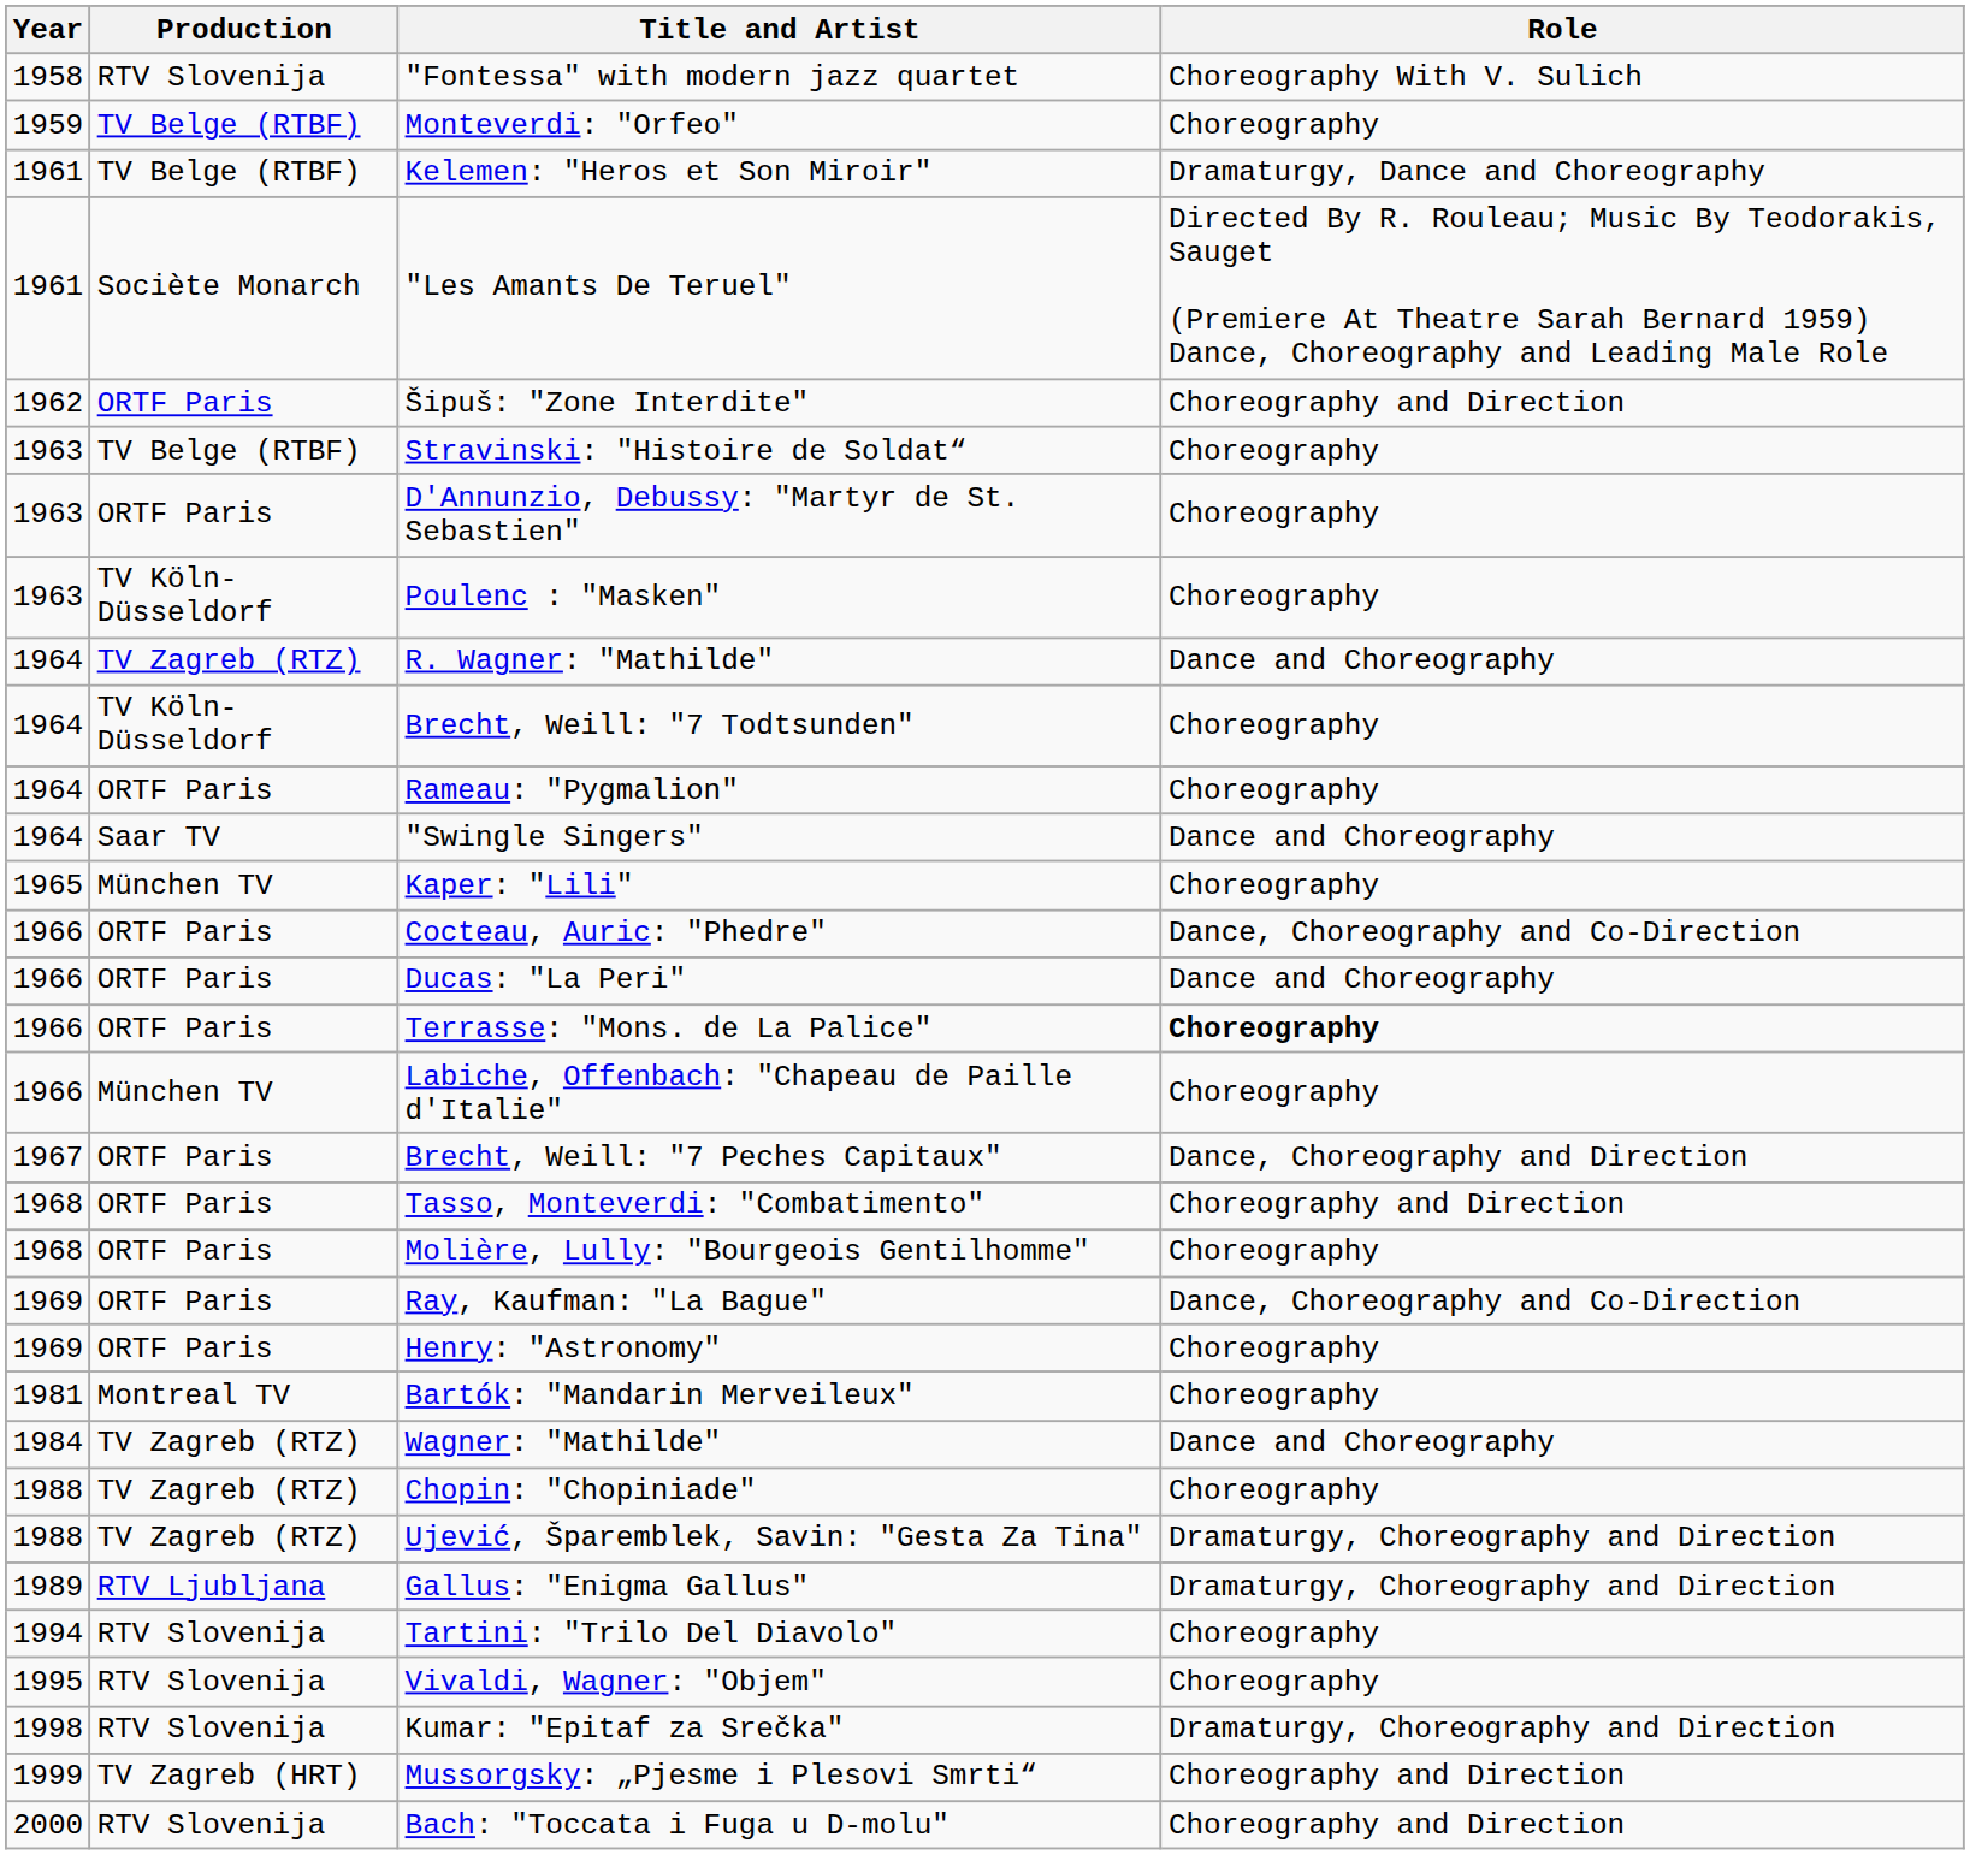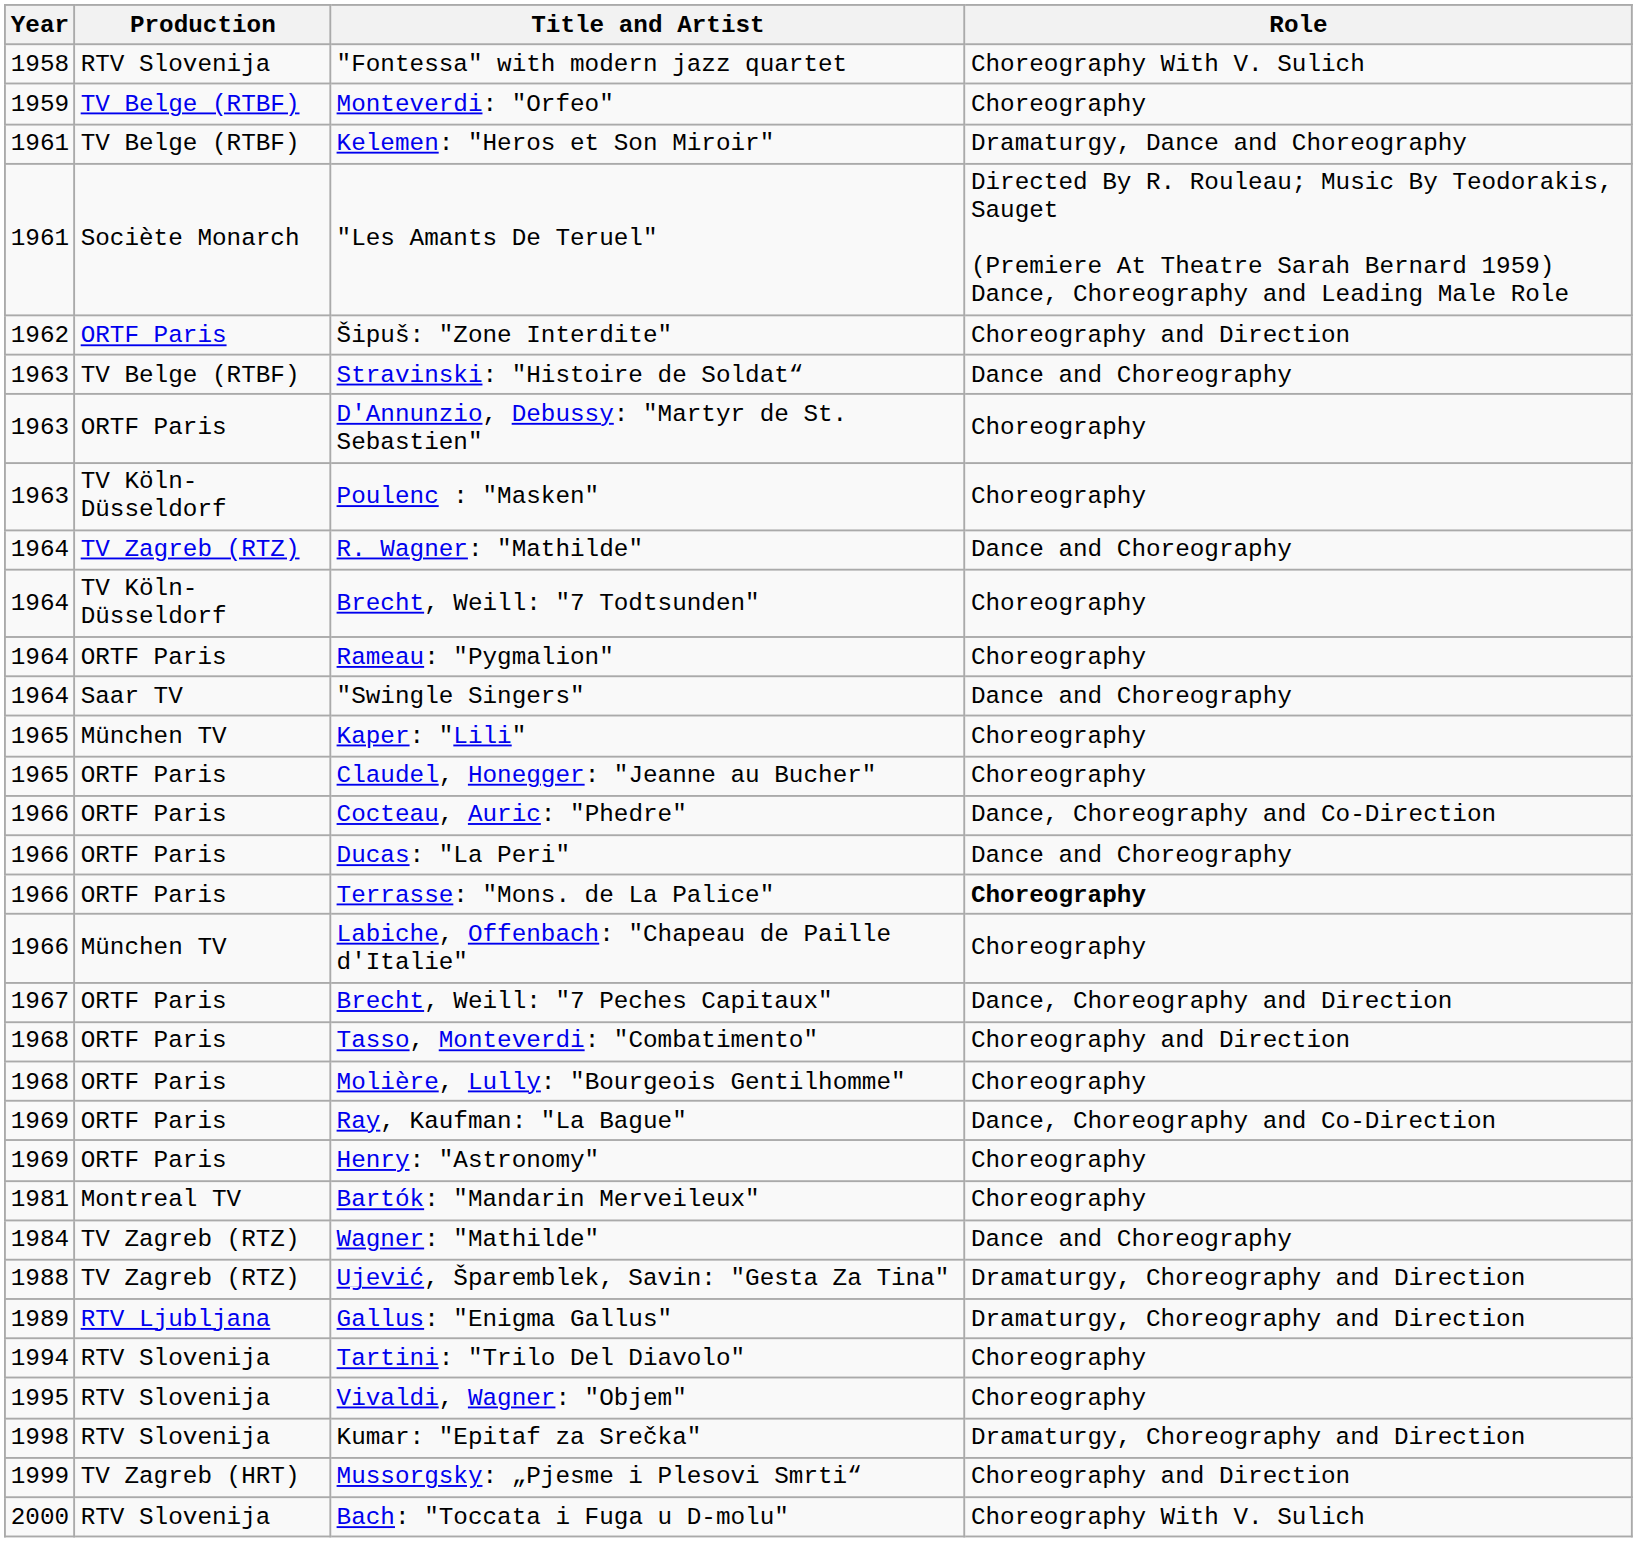 <table class="wikitable">
 <tr>
 <th>Year</th>
 <th>Production</th>
 <th>Title and Artist</th>
 <th>Role</th>
 </tr>
 <tr>
 <td>1958</td>
 <td>RTV Slovenija</td>
 <td>"Fontessa" with modern jazz quartet</td>
 <td>Choreography With V. Sulich</td>
 </tr>
 <tr>
 <td>1959</td>
 <td><a href='#'>TV Belge (RTBF)</a></td>
 <td><a href='#'>Monteverdi</a>: "Orfeo"</td>
 <td>Choreography</td>
 </tr>
 <tr>
 <td>1961</td>
 <td>TV Belge (RTBF)</td>
 <td><a href='#'>Kelemen</a>: "Heros et Son Miroir"</td>
 <td>Dramaturgy, Dance and Choreography</td>
 </tr>
 <tr>
 <td>1961</td>
 <td>Sociète Monarch</td>
 <td>"Les Amants De Teruel"</td>
 <td>Directed By R. Rouleau; Music By Teodorakis, Sauget <br><br>(Premiere At Theatre Sarah Bernard 1959)<br> Dance, Choreography and Leading Male Role</td>
 </tr>
 <tr>
 <td>1962</td>
 <td><a href='#'>ORTF Paris</a></td>
 <td>Šipuš: "Zone Interdite"</td>
 <td>Choreography and Direction</td>
 </tr>
 <tr>
 <td>1963</td>
 <td>TV Belge (RTBF)</td>
 <td><a href='#'>Stravinski</a>: "Histoire de Soldat“</td>
-<td>Choreography</td>
+<td>Dance and Choreography</td>
 </tr>
 <tr>
 <td>1963</td>
 <td>ORTF Paris</td>
 <td><a href='#'>D'Annunzio</a>, <a href='#'>Debussy</a>: "Martyr de St. Sebastien"</td>
 <td>Choreography</td>
 </tr>
 <tr>
 <td>1963</td>
 <td>TV Köln-Düsseldorf</td>
 <td><a href='#'>Poulenc</a> : "Masken"</td>
 <td>Choreography</td>
 </tr>
 <tr>
 <td>1964</td>
 <td><a href='#'>TV Zagreb (RTZ)</a></td>
 <td><a href='#'>R. Wagner</a>: "Mathilde"</td>
 <td>Dance and Choreography</td>
 </tr>
 <tr>
 <td>1964</td>
 <td>TV Köln-Düsseldorf</td>
 <td><a href='#'>Brecht</a>, Weill: "7 Todtsunden"</td>
 <td>Choreography</td>
 </tr>
 <tr>
 <td>1964</td>
 <td>ORTF Paris</td>
 <td><a href='#'>Rameau</a>: "Pygmalion"</td>
 <td>Choreography</td>
 </tr>
 <tr>
 <td>1964</td>
 <td>Saar TV</td>
 <td>"Swingle Singers"</td>
 <td>Dance and Choreography</td>
 </tr>
 <tr>
 <td>1965</td>
 <td>München TV</td>
 <td><a href='#'>Kaper</a>: "<a href='#'>Lili</a>"</td>
+<td>Choreography</td>
+</tr>
+<tr>
+<td>1965</td>
+<td>ORTF Paris</td>
+<td><a href='#'>Claudel</a>, <a href='#'>Honegger</a>: "Jeanne au Bucher"</td>
 <td>Choreography</td>
 </tr>
 <tr>
 <td>1966</td>
 <td>ORTF Paris</td>
 <td><a href='#'>Cocteau</a>, <a href='#'>Auric</a>: "Phedre"</td>
 <td>Dance, Choreography and Co-Direction</td>
 </tr>
 <tr>
 <td>1966</td>
 <td>ORTF Paris</td>
 <td><a href='#'>Ducas</a>: "La Peri"</td>
 <td>Dance and Choreography</td>
 </tr>
 <tr>
 <td>1966</td>
 <td>ORTF Paris</td>
 <td><a href='#'>Terrasse</a>: "Mons. de La Palice"</td>
 <td><strong>Choreography</strong></td>
 </tr>
 <tr>
 <td>1966</td>
 <td>München TV</td>
 <td><a href='#'>Labiche</a>, <a href='#'>Offenbach</a>: "Chapeau de Paille d'Italie"</td>
 <td>Choreography</td>
 </tr>
 <tr>
 <td>1967</td>
 <td>ORTF Paris</td>
 <td><a href='#'>Brecht</a>, Weill: "7 Peches Capitaux"</td>
 <td>Dance, Choreography and Direction</td>
 </tr>
 <tr>
 <td>1968</td>
 <td>ORTF Paris</td>
 <td><a href='#'>Tasso</a>, <a href='#'>Monteverdi</a>: "Combatimento"</td>
 <td>Choreography and Direction</td>
 </tr>
 <tr>
 <td>1968</td>
 <td>ORTF Paris</td>
 <td><a href='#'>Molière</a>, <a href='#'>Lully</a>: "Bourgeois Gentilhomme"</td>
 <td>Choreography</td>
 </tr>
 <tr>
 <td>1969</td>
 <td>ORTF Paris</td>
 <td><a href='#'>Ray</a>, Kaufman: "La Bague"</td>
 <td>Dance, Choreography and Co-Direction</td>
 </tr>
 <tr>
 <td>1969</td>
 <td>ORTF Paris</td>
 <td><a href='#'>Henry</a>: "Astronomy"</td>
 <td>Choreography</td>
 </tr>
 <tr>
 <td>1981</td>
 <td>Montreal TV</td>
 <td><a href='#'>Bartók</a>: "Mandarin Merveileux"</td>
 <td>Choreography</td>
 </tr>
 <tr>
 <td>1984</td>
 <td>TV Zagreb (RTZ)</td>
 <td><a href='#'>Wagner</a>: "Mathilde"</td>
 <td>Dance and Choreography</td>
 </tr>
 <tr>
 <td>1988</td>
 <td>TV Zagreb (RTZ)</td>
-<td><a href='#'>Chopin</a>: "Chopiniade"</td>
-<td>Choreography</td>
-</tr>
-<tr>
-<td>1988</td>
-<td>TV Zagreb (RTZ)</td>
 <td><a href='#'>Ujević</a>, Šparemblek, Savin: "Gesta Za Tina"</td>
 <td>Dramaturgy, Choreography and Direction</td>
 </tr>
 <tr>
 <td>1989</td>
 <td><a href='#'>RTV Ljubljana</a></td>
 <td><a href='#'>Gallus</a>: "Enigma Gallus"</td>
 <td>Dramaturgy, Choreography and Direction</td>
 </tr>
 <tr>
 <td>1994</td>
 <td>RTV Slovenija</td>
 <td><a href='#'>Tartini</a>: "Trilo Del Diavolo"</td>
 <td>Choreography</td>
 </tr>
 <tr>
 <td>1995</td>
 <td>RTV Slovenija</td>
 <td><a href='#'>Vivaldi</a>, <a href='#'>Wagner</a>: "Objem"</td>
 <td>Choreography</td>
 </tr>
 <tr>
 <td>1998</td>
 <td>RTV Slovenija</td>
 <td>Kumar: "Epitaf za Srečka"</td>
 <td>Dramaturgy, Choreography and Direction</td>
 </tr>
 <tr>
 <td>1999</td>
 <td>TV Zagreb (HRT)</td>
 <td><a href='#'>Mussorgsky</a>: „Pjesme i Plesovi Smrti“</td>
 <td>Choreography and Direction</td>
 </tr>
 <tr>
 <td>2000</td>
 <td>RTV Slovenija</td>
 <td><a href='#'>Bach</a>: "Toccata i Fuga u D-molu"</td>
-<td>Choreography and Direction</td>
+<td>Choreography With V. Sulich</td>
 </tr>
 </table>
